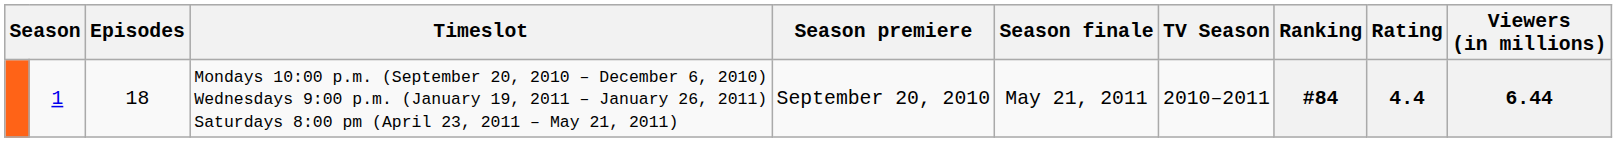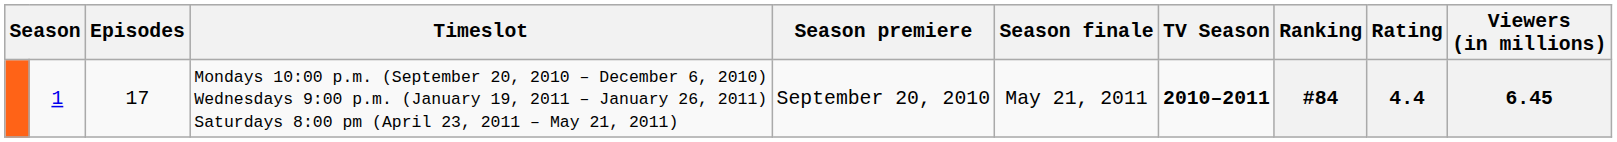 <table class="wikitable">
 <tr style="background:#e0e0e0;">
 <th colspan="2">Season</th>
 <th>Episodes</th>
 <th>Timeslot</th>
 <th>Season premiere</th>
 <th>Season finale</th>
 <th>TV Season</th>
 <th>Ranking</th>
 <th>Rating</th>
 <th>Viewers<br>(in millions)</th>
 </tr>
 <tr>
 <td style="background: #ff6317;"></td>
 <td style="text-align:center;"><a href='#'>1</a></td>
-<td style="text-align:center;">18</td>
+<td style="text-align:center;">17</td>
 <td><small>Mondays 10:00 p.m. (September 20, 2010 – December 6, 2010)</small><br><small>Wednesdays 9:00 p.m. (January 19, 2011 – January 26, 2011)</small><br><small>Saturdays 8:00 pm (April 23, 2011 – May 21, 2011)</small></td>
 <td style="text-align:center;">September 20, 2010</td>
 <td style="text-align:center;">May 21, 2011</td>
-<td style="text-align:center;">2010–2011</td>
+<td style="text-align:center;"><strong>2010–2011</strong></td>
 <th style="text-align:center"><strong>#84</strong></th>
 <th style="text-align:center"><strong>4.4</strong></th>
-<th style="text-align:center"><strong>6.44</strong></th>
+<th style="text-align:center"><strong>6.45</strong></th>
 </tr>
 </table>
